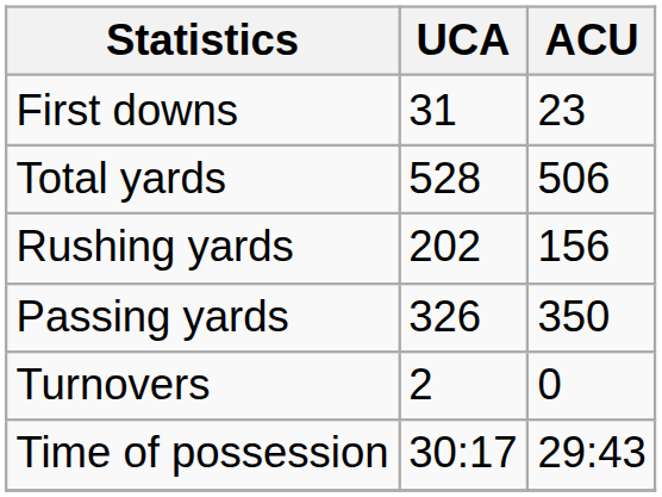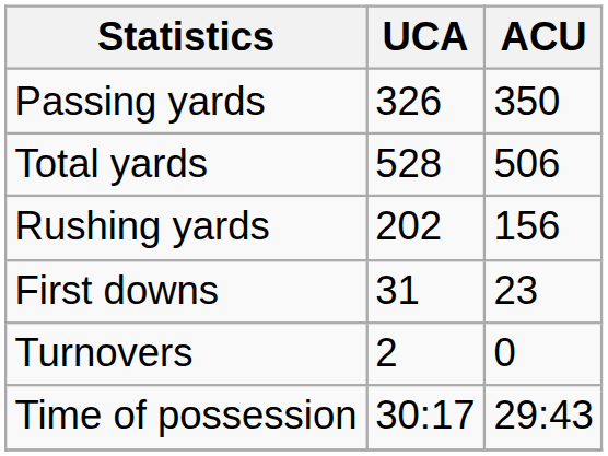 <table class="wikitable" style="float: left;">
 <tr>
 <th>Statistics</th>
 <th>UCA</th>
 <th>ACU</th>
 </tr>
 <tr>
-<td>First downs</td>
-<td>31</td>
-<td>23</td>
+<td>Passing yards</td>
+<td>326</td>
+<td>350</td>
 </tr>
 <tr>
 <td>Total yards</td>
 <td>528</td>
 <td>506</td>
 </tr>
 <tr>
 <td>Rushing yards</td>
 <td>202</td>
 <td>156</td>
 </tr>
 <tr>
-<td>Passing yards</td>
-<td>326</td>
-<td>350</td>
+<td>First downs</td>
+<td>31</td>
+<td>23</td>
 </tr>
 <tr>
 <td>Turnovers</td>
 <td>2</td>
 <td>0</td>
 </tr>
 <tr>
 <td>Time of possession</td>
 <td>30:17</td>
 <td>29:43</td>
 </tr>
 <tr>
 </tr>
 </table>
